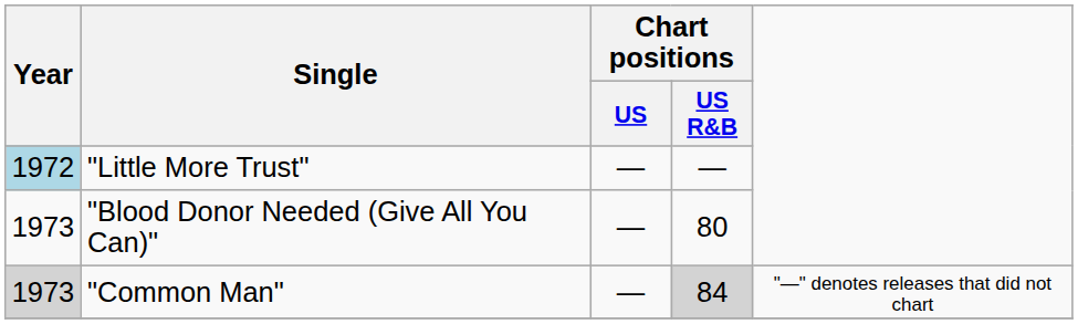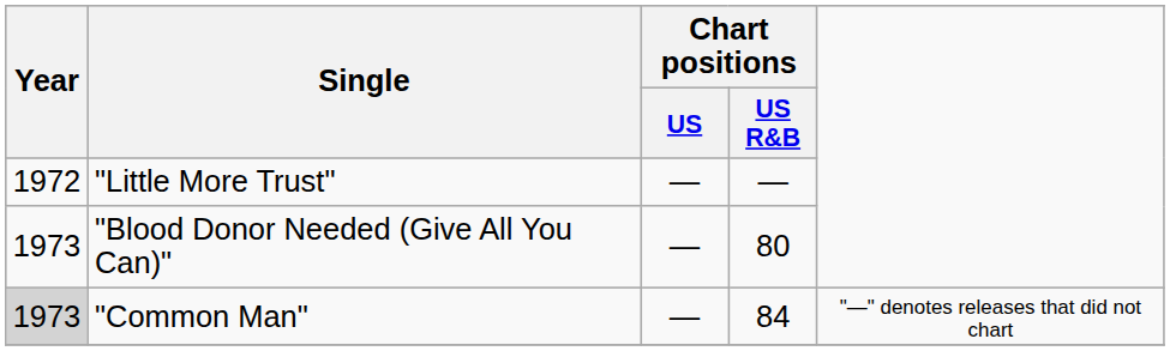 <table class="wikitable" style="text-align:center;">
 <tr>
 <th rowspan="2">Year</th>
 <th rowspan="2">Single</th>
 <th colspan="2">Chart positions</th>
 </tr>
 <tr style="font-size:smaller;">
 <th width="40"><a href='#'>US</a></th>
 <th width="40"><a href='#'>US<br>R&B</a></th>
 </tr>
 <tr>
-<td style="background: lightblue;">1972</td>
+<td>1972</td>
 <td align="left">"Little More Trust"</td>
 <td>—</td>
 <td>—</td>
 </tr>
 <tr>
 <td>1973</td>
 <td align="left">"Blood Donor Needed (Give All You Can)"</td>
 <td>—</td>
 <td>80</td>
 </tr>
 <tr>
 <td style="background: lightgrey;">1973</td>
 <td align="left">"Common Man"</td>
 <td>—</td>
-<td style="background: lightgrey;">84</td>
+<td>84</td>
 <td align="center" colspan="6" style="font-size:8pt">"—" denotes releases that did not chart</td>
 </tr>
 <tr>
 </tr>
 </table>
